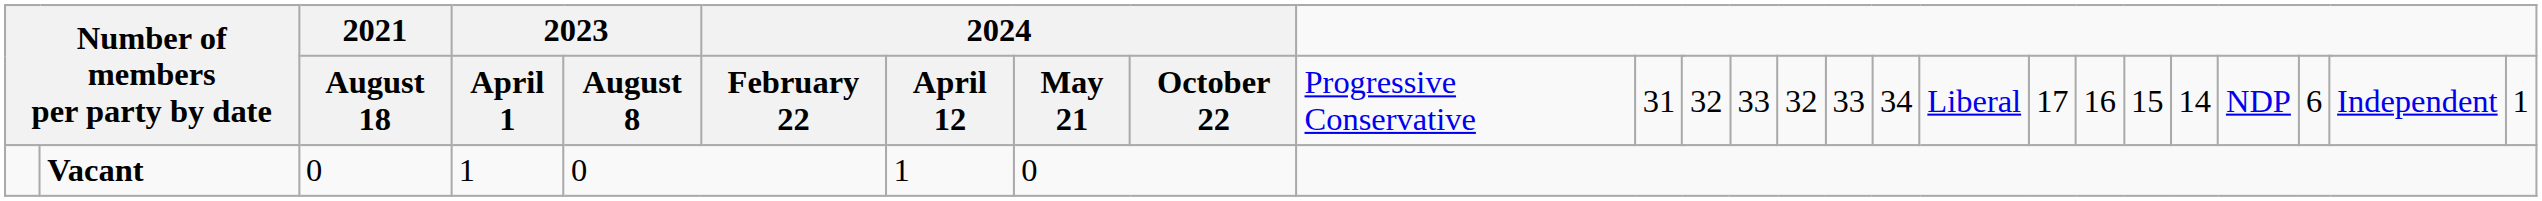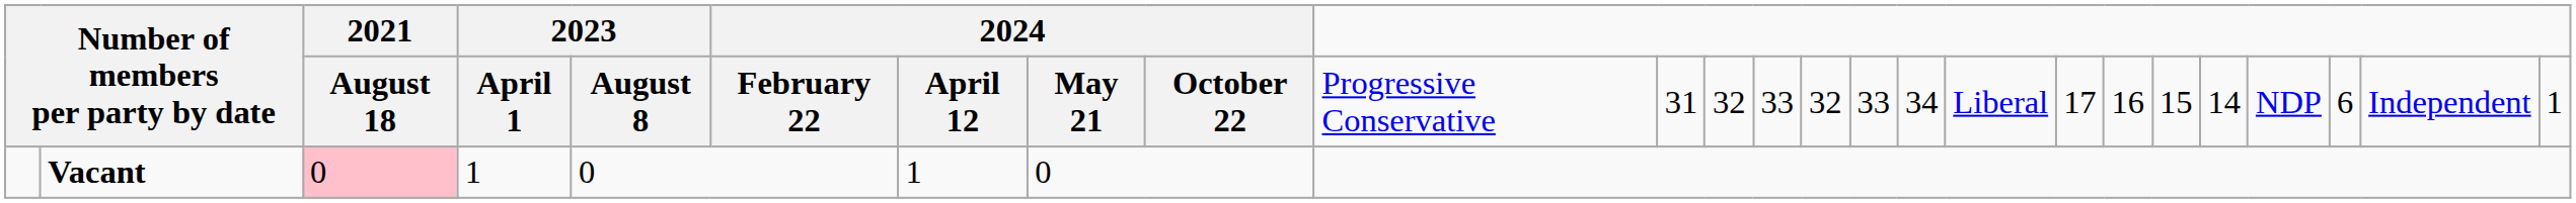 <table class="wikitable">
 <tr>
 <th colspan="2" rowspan="2">Number of members<br>per party by date</th>
 <th>2021</th>
 <th colspan=2>2023</th>
 <th colspan=4>2024</th>
 </tr>
 <tr>
 <th>August 18</th>
 <th>April 1</th>
 <th>August 8</th>
 <th>February 22</th>
 <th>April 12</th>
 <th>May 21</th>
 <th>October 22<br></th>
 <td><a href='#'>Progressive Conservative</a></td>
 <td colspan=2>31</td>
 <td>32</td>
 <td>33</td>
 <td>32</td>
 <td>33</td>
 <td>34<br></td>
 <td><a href='#'>Liberal</a></td>
 <td>17</td>
 <td colspan=2>16</td>
 <td colspan=3>15</td>
 <td>14<br></td>
 <td><a href='#'>NDP</a></td>
 <td colspan=7>6<br></td>
 <td><a href='#'>Independent</a></td>
 <td colspan=7>1</td>
 </tr>
 <tr>
 <td></td>
 <td><strong>Vacant</strong></td>
-<td>0</td>
+<td style="background: pink;">0</td>
 <td>1</td>
 <td colspan=2>0</td>
 <td>1</td>
 <td colspan=2>0</td>
 </tr>
 </table>
